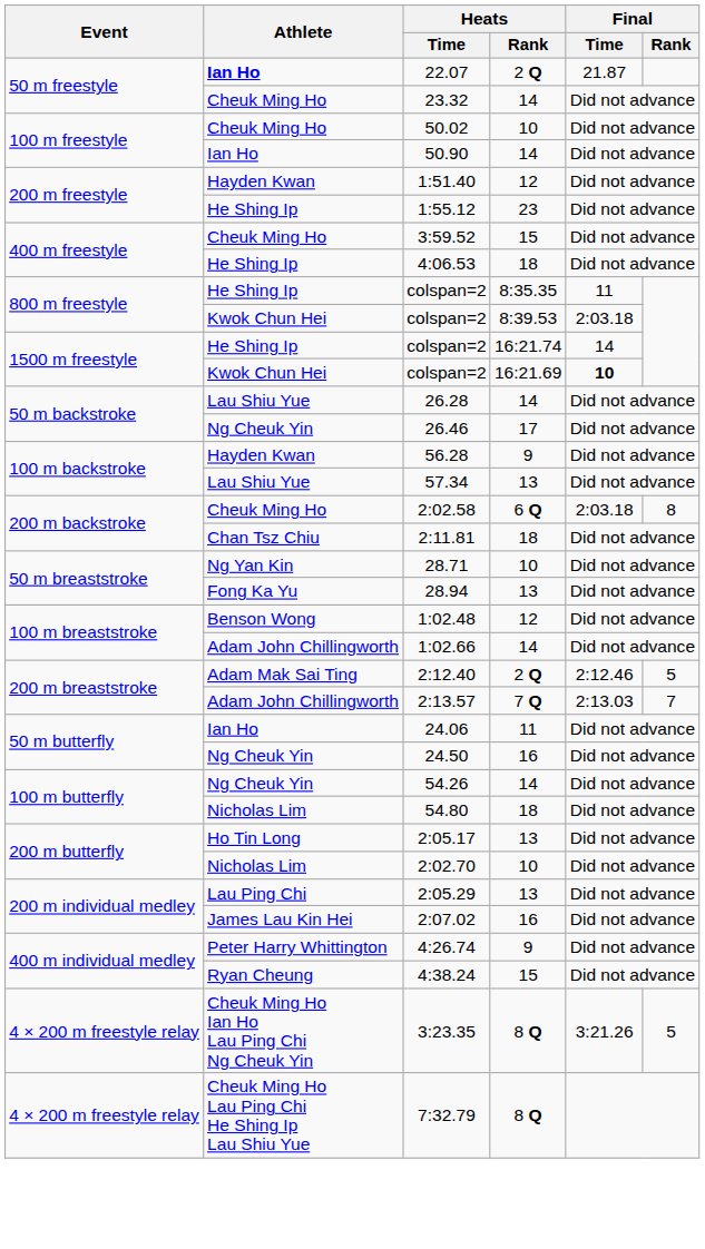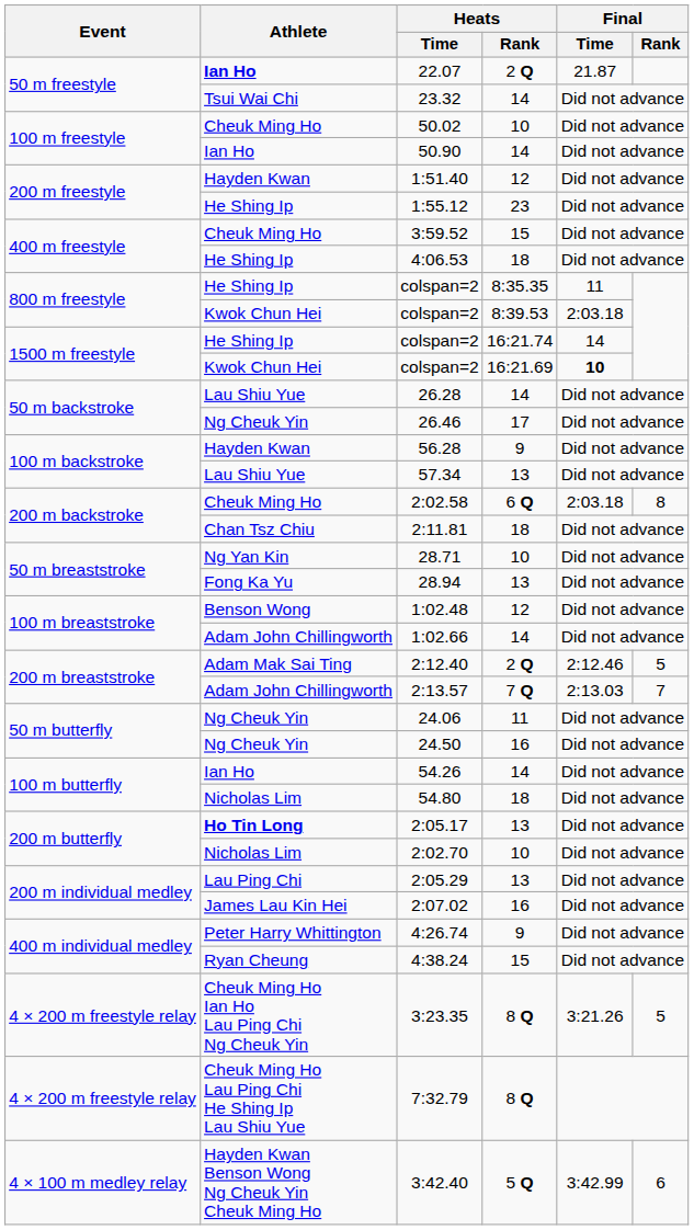 <table class=wikitable style="font-size:90%">
 <tr>
 <th rowspan="2">Event</th>
 <th rowspan="2">Athlete</th>
 <th colspan="2">Heats</th>
 <th colspan="2">Final</th>
 </tr>
 <tr style="font-size:95%">
 <th>Time</th>
 <th>Rank</th>
 <th>Time</th>
 <th>Rank</th>
 </tr>
 <tr align=center>
 <td align=left rowspan=2><a href='#'>50 m freestyle</a></td>
 <td align=left><strong><a href='#'>Ian Ho</a></strong></td>
 <td>22.07</td>
 <td>2 <strong>Q</strong></td>
 <td>21.87</td>
 <td></td>
 </tr>
 <tr align=center>
-<td align=left><a href='#'>Cheuk Ming Ho</a></td>
+<td align=left><a href='#'>Tsui Wai Chi</a></td>
 <td>23.32</td>
 <td>14</td>
 <td colspan=2>Did not advance</td>
 </tr>
 <tr align=center>
 <td align=left rowspan=2><a href='#'>100 m freestyle</a></td>
 <td align=left><a href='#'>Cheuk Ming Ho</a></td>
 <td>50.02</td>
 <td>10</td>
 <td colspan=2>Did not advance</td>
 </tr>
 <tr align=center>
 <td align=left><a href='#'>Ian Ho</a></td>
 <td>50.90</td>
 <td>14</td>
 <td colspan=2>Did not advance</td>
 </tr>
 <tr align=center>
 <td align=left rowspan=2><a href='#'>200 m freestyle</a></td>
 <td align=left><a href='#'>Hayden Kwan</a></td>
 <td>1:51.40</td>
 <td>12</td>
 <td colspan=2>Did not advance</td>
 </tr>
 <tr align=center>
 <td align=left><a href='#'>He Shing Ip</a></td>
 <td>1:55.12</td>
 <td>23</td>
 <td colspan=2>Did not advance</td>
 </tr>
 <tr align=center>
 <td align=left rowspan=2><a href='#'>400 m freestyle</a></td>
 <td align=left><a href='#'>Cheuk Ming Ho</a></td>
 <td>3:59.52</td>
 <td>15</td>
 <td colspan=2>Did not advance</td>
 </tr>
 <tr align=center>
 <td align=left><a href='#'>He Shing Ip</a></td>
 <td>4:06.53</td>
 <td>18</td>
 <td colspan=2>Did not advance</td>
 </tr>
 <tr align=center>
 <td align=left rowspan=2><a href='#'>800 m freestyle</a></td>
 <td align=left><a href='#'>He Shing Ip</a></td>
 <td>colspan=2 </td>
 <td>8:35.35</td>
 <td>11</td>
 </tr>
 <tr align=center>
 <td align=left><a href='#'>Kwok Chun Hei</a></td>
 <td>colspan=2 </td>
 <td>8:39.53</td>
 <td>2:03.18</td>
 </tr>
 <tr align=center>
 <td align=left rowspan=2><a href='#'>1500 m freestyle</a></td>
 <td align=left><a href='#'>He Shing Ip</a></td>
 <td>colspan=2 </td>
 <td>16:21.74</td>
 <td>14</td>
 </tr>
 <tr align=center>
 <td align=left><a href='#'>Kwok Chun Hei</a></td>
 <td>colspan=2 </td>
 <td>16:21.69</td>
 <td><strong>10</strong></td>
 </tr>
 <tr align=center>
 <td align=left rowspan=2><a href='#'>50 m backstroke</a></td>
 <td align=left><a href='#'>Lau Shiu Yue</a></td>
 <td>26.28</td>
 <td>14</td>
 <td colspan=2>Did not advance</td>
 </tr>
 <tr align=center>
 <td align=left><a href='#'>Ng Cheuk Yin</a></td>
 <td>26.46</td>
 <td>17</td>
 <td colspan=2>Did not advance</td>
 </tr>
 <tr align=center>
 <td align=left rowspan=2><a href='#'>100 m backstroke</a></td>
 <td align=left><a href='#'>Hayden Kwan</a></td>
 <td>56.28</td>
 <td>9</td>
 <td colspan=2>Did not advance</td>
 </tr>
 <tr align=center>
 <td align=left><a href='#'>Lau Shiu Yue</a></td>
 <td>57.34</td>
 <td>13</td>
 <td colspan=2>Did not advance</td>
 </tr>
 <tr align=center>
 <td align=left rowspan=2><a href='#'>200 m backstroke</a></td>
 <td align=left><a href='#'>Cheuk Ming Ho</a></td>
 <td>2:02.58</td>
 <td>6 <strong>Q</strong></td>
 <td>2:03.18</td>
 <td>8</td>
 </tr>
 <tr align=center>
 <td align=left><a href='#'>Chan Tsz Chiu</a></td>
 <td>2:11.81</td>
 <td>18</td>
 <td colspan=2>Did not advance</td>
 </tr>
 <tr align=center>
 <td align=left rowspan=2><a href='#'>50 m breaststroke</a></td>
 <td align=left><a href='#'>Ng Yan Kin</a></td>
 <td>28.71</td>
 <td>10</td>
 <td colspan=2>Did not advance</td>
 </tr>
 <tr align=center>
 <td align=left><a href='#'>Fong Ka Yu</a></td>
 <td>28.94</td>
 <td>13</td>
 <td colspan=2>Did not advance</td>
 </tr>
 <tr align=center>
 <td align=left rowspan=2><a href='#'>100 m breaststroke</a></td>
 <td align=left><a href='#'>Benson Wong</a></td>
 <td>1:02.48</td>
 <td>12</td>
 <td colspan=2>Did not advance</td>
 </tr>
 <tr align=center>
 <td align=left><a href='#'>Adam John Chillingworth</a></td>
 <td>1:02.66</td>
 <td>14</td>
 <td colspan=2>Did not advance</td>
 </tr>
 <tr align=center>
 <td align=left rowspan=2><a href='#'>200 m breaststroke</a></td>
 <td align=left><a href='#'>Adam Mak Sai Ting</a></td>
 <td>2:12.40</td>
 <td>2 <strong>Q</strong></td>
 <td>2:12.46</td>
 <td>5</td>
 </tr>
 <tr align=center>
 <td align=left><a href='#'>Adam John Chillingworth</a></td>
 <td>2:13.57</td>
 <td>7 <strong>Q</strong></td>
 <td>2:13.03</td>
 <td>7</td>
 </tr>
 <tr align=center>
 <td align=left rowspan=2><a href='#'>50 m butterfly</a></td>
-<td align=left><a href='#'>Ian Ho</a></td>
+<td align=left><a href='#'>Ng Cheuk Yin</a></td>
 <td>24.06</td>
 <td>11</td>
 <td colspan=2>Did not advance</td>
 </tr>
 <tr align=center>
 <td align=left><a href='#'>Ng Cheuk Yin</a></td>
 <td>24.50</td>
 <td>16</td>
 <td colspan=2>Did not advance</td>
 </tr>
 <tr align=center>
 <td align=left rowspan=2><a href='#'>100 m butterfly</a></td>
-<td align=left><a href='#'>Ng Cheuk Yin</a></td>
+<td align=left><a href='#'>Ian Ho</a></td>
 <td>54.26</td>
 <td>14</td>
 <td colspan=2>Did not advance</td>
 </tr>
 <tr align=center>
 <td align=left><a href='#'>Nicholas Lim</a></td>
 <td>54.80</td>
 <td>18</td>
 <td colspan=2>Did not advance</td>
 </tr>
 <tr align=center>
 <td align=left rowspan=2><a href='#'>200 m butterfly</a></td>
-<td align=left><a href='#'>Ho Tin Long</a></td>
+<td align=left><strong><a href='#'>Ho Tin Long</a></strong></td>
 <td>2:05.17</td>
 <td>13</td>
 <td colspan=2>Did not advance</td>
 </tr>
 <tr align=center>
 <td align=left><a href='#'>Nicholas Lim</a></td>
 <td>2:02.70</td>
 <td>10</td>
 <td colspan=2>Did not advance</td>
 </tr>
 <tr align=center>
 <td align=left rowspan=2><a href='#'>200 m individual medley</a></td>
 <td align=left><a href='#'>Lau Ping Chi</a></td>
 <td>2:05.29</td>
 <td>13</td>
 <td colspan=2>Did not advance</td>
 </tr>
 <tr align=center>
 <td align=left><a href='#'>James Lau Kin Hei</a></td>
 <td>2:07.02</td>
 <td>16</td>
 <td colspan=2>Did not advance</td>
 </tr>
 <tr align=center>
 <td align=left rowspan=2><a href='#'>400 m individual medley</a></td>
 <td align=left><a href='#'>Peter Harry Whittington</a></td>
 <td>4:26.74</td>
 <td>9</td>
 <td colspan=2>Did not advance</td>
 </tr>
 <tr align=center>
 <td align=left><a href='#'>Ryan Cheung</a></td>
 <td>4:38.24</td>
 <td>15</td>
 <td colspan=2>Did not advance</td>
 </tr>
 <tr align=center>
 <td align=left><a href='#'>4 × 200 m freestyle relay</a></td>
 <td align=left><a href='#'>Cheuk Ming Ho</a><br><a href='#'>Ian Ho</a><br><a href='#'>Lau Ping Chi</a><br><a href='#'>Ng Cheuk Yin</a></td>
 <td>3:23.35</td>
 <td>8 <strong>Q</strong></td>
 <td>3:21.26</td>
 <td>5</td>
 </tr>
 <tr align=center>
 <td align=left><a href='#'>4 × 200 m freestyle relay</a></td>
 <td align=left><a href='#'>Cheuk Ming Ho</a><br><a href='#'>Lau Ping Chi</a><br><a href='#'>He Shing Ip</a><br><a href='#'>Lau Shiu Yue</a></td>
 <td>7:32.79</td>
 <td>8 <strong>Q</strong></td>
 <td colspan=2></td>
 </tr>
+<tr align=center>
+<td align=left><a href='#'>4 × 100 m medley relay</a></td>
+<td align=left><a href='#'>Hayden Kwan</a><br><a href='#'>Benson Wong</a><br><a href='#'>Ng Cheuk Yin</a><br><a href='#'>Cheuk Ming Ho</a></td>
+<td>3:42.40</td>
+<td>5 <strong>Q</strong></td>
+<td>3:42.99</td>
+<td>6</td>
+</tr>
 </table>
